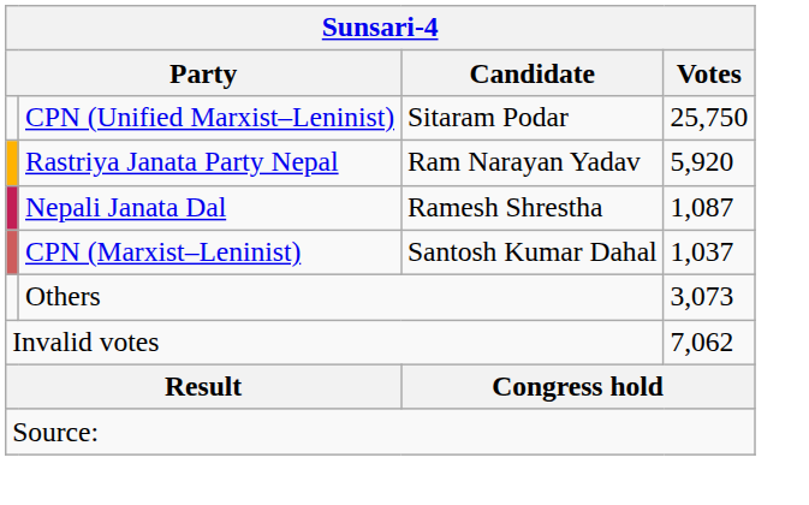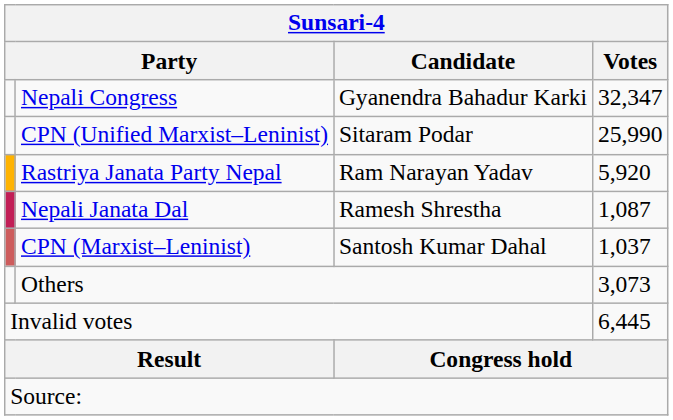 <table class="wikitable">
 <tr>
 <th colspan="4"><a href='#'>Sunsari-4</a></th>
 </tr>
 <tr>
 <th colspan="2">Party</th>
 <th>Candidate</th>
 <th>Votes</th>
 </tr>
 <tr>
 <td style="background-color:"></td>
+<td><a href='#'>Nepali Congress</a></td>
+<td>Gyanendra Bahadur Karki</td>
+<td>32,347</td>
+</tr>
+<tr>
+<td style="background-color:"></td>
 <td><a href='#'>CPN (Unified Marxist–Leninist)</a></td>
 <td>Sitaram Podar</td>
-<td>25,750</td>
+<td>25,990</td>
 </tr>
 <tr>
 <td style="background-color:#ffb300"></td>
 <td><a href='#'>Rastriya Janata Party Nepal</a></td>
 <td>Ram Narayan Yadav</td>
 <td>5,920</td>
 </tr>
 <tr>
 <td style="background-color:#c21e56"></td>
 <td><a href='#'>Nepali Janata Dal</a></td>
 <td>Ramesh Shrestha</td>
 <td>1,087</td>
 </tr>
 <tr>
 <td style="background-color:indianred"></td>
 <td><a href='#'>CPN (Marxist–Leninist)</a></td>
 <td>Santosh Kumar Dahal</td>
 <td>1,037</td>
 </tr>
 <tr>
 <td></td>
 <td colspan="2">Others</td>
 <td>3,073</td>
 </tr>
 <tr>
 <td colspan="3">Invalid votes</td>
-<td>7,062</td>
+<td>6,445</td>
 </tr>
 <tr>
 <th colspan="2">Result</th>
 <th colspan="2">Congress hold</th>
 </tr>
 <tr>
 <td colspan="4">Source: </td>
 </tr>
 </table>
